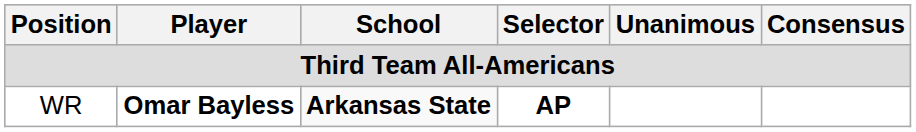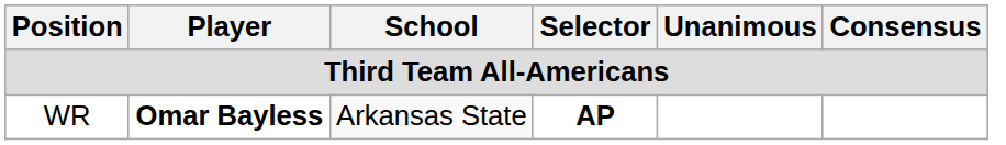 <table class="wikitable">
 <tr>
 <th>Position</th>
 <th>Player</th>
 <th>School</th>
 <th>Selector</th>
 <th>Unanimous</th>
 <th>Consensus</th>
 </tr>
 <tr>
 <td colspan="6" style="text-align:center; background:#ddd;"><strong>Third Team All-Americans</strong></td>
 </tr>
 <tr style="text-align:center;">
 <td style="background:white">WR</td>
 <td style="background:white"><strong>Omar Bayless</strong></td>
-<td style=><strong>Arkansas State</strong></td>
+<td style=>Arkansas State</td>
 <td style="background:white"><strong>AP</strong></td>
 <td style="background:white"></td>
 <td style="background:white"></td>
 </tr>
 </table>
